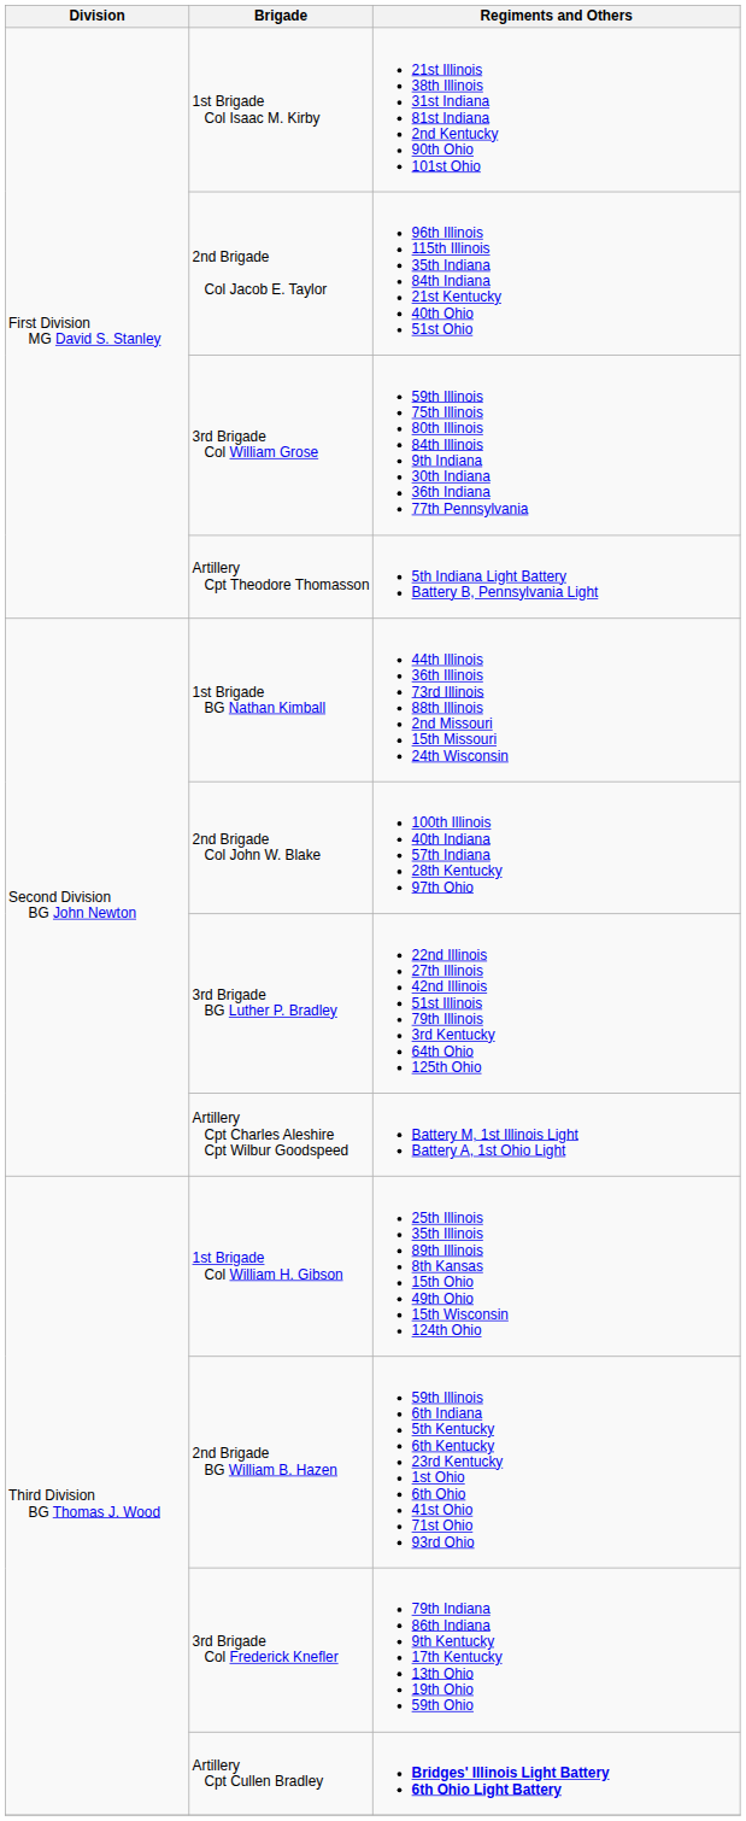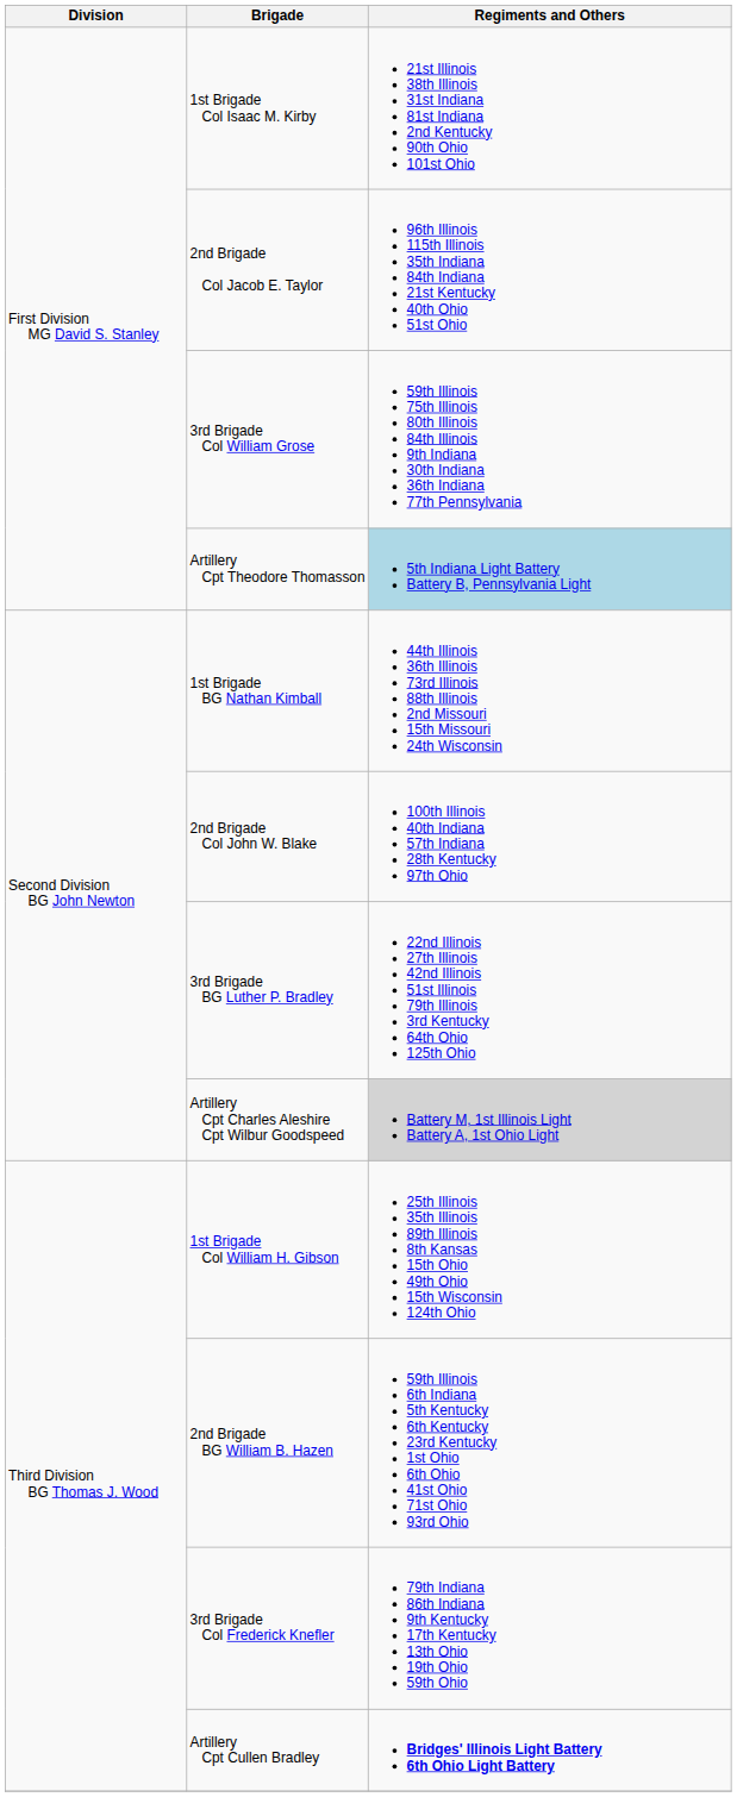 <table class="wikitable">
 <tr>
 <th width=25%>Division</th>
 <th width=25%>Brigade</th>
 <th>Regiments and Others</th>
 </tr>
 <tr>
 <td rowspan=4><br>First Division <br>     MG <a href='#'>David S. Stanley</a><br></td>
 <td>1st Brigade<br>   Col Isaac M. Kirby</td>
 <td><br><ul><li><a href='#'>21st Illinois</a></li><li><a href='#'>38th Illinois</a></li><li><a href='#'>31st Indiana</a></li><li><a href='#'>81st Indiana</a></li><li><a href='#'>2nd Kentucky</a></li><li><a href='#'>90th Ohio</a></li><li><a href='#'>101st Ohio</a></li></ul></td>
 </tr>
 <tr>
 <td>2nd Brigade<br><br>   Col Jacob E. Taylor</td>
 <td><br><ul><li><a href='#'>96th Illinois</a></li><li><a href='#'>115th Illinois</a></li><li><a href='#'>35th Indiana</a></li><li><a href='#'>84th Indiana</a></li><li><a href='#'>21st Kentucky</a></li><li><a href='#'>40th Ohio</a></li><li><a href='#'>51st Ohio</a></li></ul></td>
 </tr>
 <tr>
 <td>3rd Brigade<br>   Col <a href='#'>William Grose</a></td>
 <td><br><ul><li><a href='#'>59th Illinois</a></li><li><a href='#'>75th Illinois</a></li><li><a href='#'>80th Illinois</a></li><li><a href='#'>84th Illinois</a></li><li><a href='#'>9th Indiana</a></li><li><a href='#'>30th Indiana</a></li><li><a href='#'>36th Indiana</a></li><li><a href='#'>77th Pennsylvania</a></li></ul></td>
 </tr>
 <tr>
 <td>Artillery<br>   Cpt Theodore Thomasson</td>
-<td><br><ul><li><a href='#'>5th Indiana Light Battery</a></li><li><a href='#'>Battery B, Pennsylvania Light</a></li></ul></td>
+<td style="background: lightblue;"><br><ul><li><a href='#'>5th Indiana Light Battery</a></li><li><a href='#'>Battery B, Pennsylvania Light</a></li></ul></td>
 </tr>
 <tr>
 <td rowspan=4><br>Second Division <br>     BG <a href='#'>John Newton</a><br></td>
 <td>1st Brigade<br>   BG <a href='#'>Nathan Kimball</a></td>
 <td><br><ul><li><a href='#'>44th Illinois</a></li><li><a href='#'>36th Illinois</a></li><li><a href='#'>73rd Illinois</a></li><li><a href='#'>88th Illinois</a></li><li><a href='#'>2nd Missouri</a></li><li><a href='#'>15th Missouri</a></li><li><a href='#'>24th Wisconsin</a></li></ul></td>
 </tr>
 <tr>
 <td>2nd Brigade<br>   Col John W. Blake</td>
 <td><br><ul><li><a href='#'>100th Illinois</a></li><li><a href='#'>40th Indiana</a></li><li><a href='#'>57th Indiana</a></li><li><a href='#'>28th Kentucky</a></li><li><a href='#'>97th Ohio</a></li></ul></td>
 </tr>
 <tr>
 <td>3rd Brigade<br>   BG <a href='#'>Luther P. Bradley</a></td>
 <td><br><ul><li><a href='#'>22nd Illinois</a></li><li><a href='#'>27th Illinois</a></li><li><a href='#'>42nd Illinois</a></li><li><a href='#'>51st Illinois</a></li><li><a href='#'>79th Illinois</a></li><li><a href='#'>3rd Kentucky</a></li><li><a href='#'>64th Ohio</a></li><li><a href='#'>125th Ohio</a></li></ul></td>
 </tr>
 <tr>
 <td>Artillery<br>   Cpt Charles Aleshire<br>   Cpt Wilbur Goodspeed</td>
-<td><br><ul><li><a href='#'>Battery M, 1st Illinois Light</a></li><li><a href='#'>Battery A, 1st Ohio Light</a></li></ul></td>
+<td style="background: lightgrey;"><br><ul><li><a href='#'>Battery M, 1st Illinois Light</a></li><li><a href='#'>Battery A, 1st Ohio Light</a></li></ul></td>
 </tr>
 <tr>
 <td rowspan=4><br>Third Division <br>     BG <a href='#'>Thomas J. Wood</a><br></td>
 <td><a href='#'>1st Brigade</a><br>   Col <a href='#'>William H. Gibson</a></td>
 <td><br><ul><li><a href='#'>25th Illinois</a></li><li><a href='#'>35th Illinois</a></li><li><a href='#'>89th Illinois</a></li><li><a href='#'>8th Kansas</a></li><li><a href='#'>15th Ohio</a></li><li><a href='#'>49th Ohio</a></li><li><a href='#'>15th Wisconsin</a></li><li><a href='#'>124th Ohio</a></li></ul></td>
 </tr>
 <tr>
 <td>2nd Brigade<br>   BG <a href='#'>William B. Hazen</a></td>
 <td><br><ul><li><a href='#'>59th Illinois</a></li><li><a href='#'>6th Indiana</a></li><li><a href='#'>5th Kentucky</a></li><li><a href='#'>6th Kentucky</a></li><li><a href='#'>23rd Kentucky</a></li><li><a href='#'>1st Ohio</a></li><li><a href='#'>6th Ohio</a></li><li><a href='#'>41st Ohio</a></li><li><a href='#'>71st Ohio</a></li><li><a href='#'>93rd Ohio</a></li></ul></td>
 </tr>
 <tr>
 <td>3rd Brigade<br>   Col <a href='#'>Frederick Knefler</a></td>
 <td><br><ul><li><a href='#'>79th Indiana</a></li><li><a href='#'>86th Indiana</a></li><li><a href='#'>9th Kentucky</a></li><li><a href='#'>17th Kentucky</a></li><li><a href='#'>13th Ohio</a></li><li><a href='#'>19th Ohio</a></li><li><a href='#'>59th Ohio</a></li></ul></td>
 </tr>
 <tr>
 <td>Artillery<br>   Cpt Cullen Bradley</td>
 <td><strong><br><ul><li><a href='#'>Bridges' Illinois Light Battery</a></li><li><a href='#'>6th Ohio Light Battery</a></li></ul></strong></td>
 </tr>
 <tr>
 </tr>
 </table>
